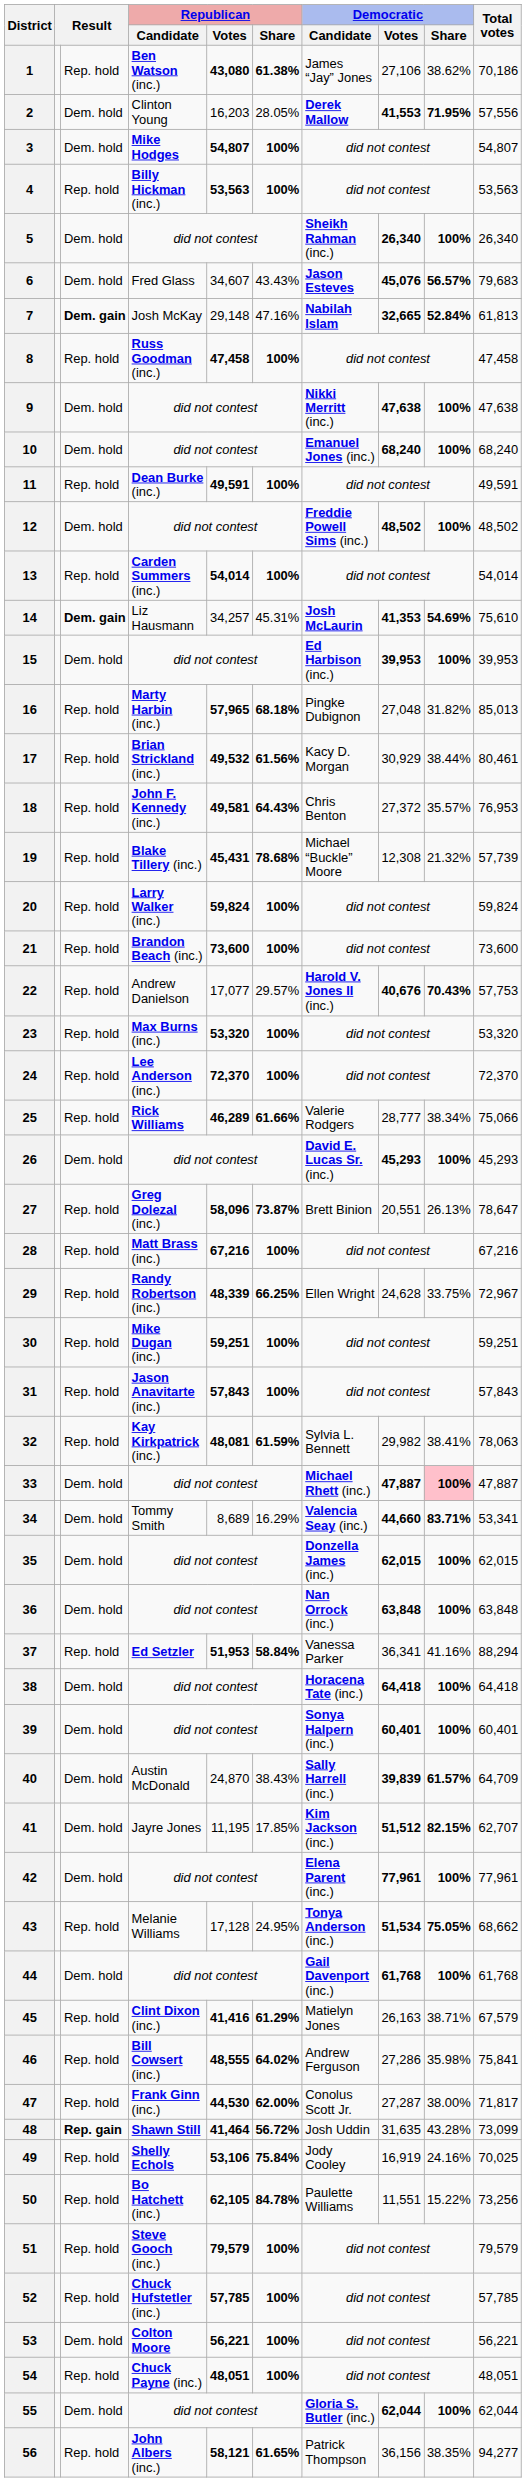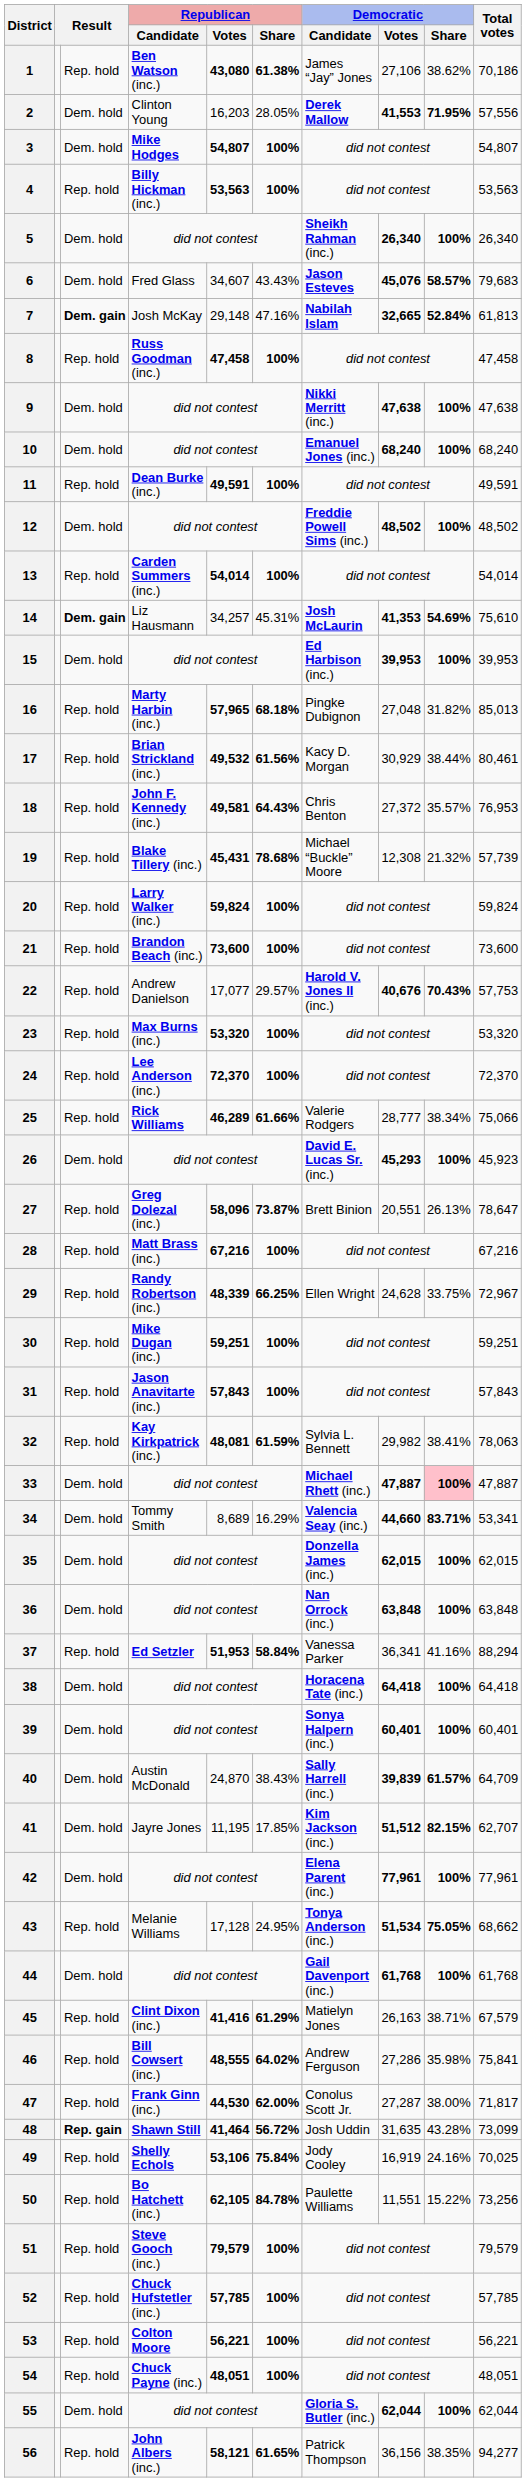 <table class="wikitable sortable sort-under" style="text-align:right; font-size:95%">
 <tr>
 <th rowspan="2" scope="col" style="text-align:left;">District</th>
 <th rowspan="2" colspan="2" scope="col">Result</th>
 <th colspan="3" style="background:#eeaaaa;"><a href='#'>Republican</a></th>
 <th colspan="3" style="background:#aabbee;"><a href='#'>Democratic</a></th>
 <th rowspan="2" scope="col">Total votes</th>
 </tr>
 <tr>
 <th>Candidate</th>
 <th>Votes</th>
 <th>Share</th>
 <th>Candidate</th>
 <th>Votes</th>
 <th>Share</th>
 </tr>
 <tr>
 <th>1</th>
 <td style="background:"></td>
 <td style="text-align:left;">Rep. hold</td>
 <td style="text-align:left;"><strong><a href='#'>Ben Watson</a></strong> (inc.)</td>
 <td><strong>43,080</strong></td>
 <td><strong>61.38%</strong></td>
 <td style="text-align:left;">James “Jay” Jones</td>
 <td>27,106</td>
 <td>38.62%</td>
 <td>70,186</td>
 </tr>
 <tr>
 <th>2</th>
 <td style="background:"></td>
 <td style="text-align:left;">Dem. hold</td>
 <td style="text-align:left;">Clinton Young</td>
 <td>16,203</td>
 <td>28.05%</td>
 <td style="text-align:left;"><strong><a href='#'>Derek Mallow</a></strong></td>
 <td><strong>41,553</strong></td>
 <td><strong>71.95%</strong></td>
 <td>57,556</td>
 </tr>
 <tr>
 <th>3</th>
 <td style="background:"></td>
 <td style="text-align:left;">Dem. hold</td>
 <td style="text-align:left;"><strong><a href='#'>Mike Hodges</a></strong></td>
 <td><strong>54,807</strong></td>
 <td><strong>100%</strong></td>
 <td style="text-align:center;" colspan=3><em>did not contest</em></td>
 <td>54,807</td>
 </tr>
 <tr>
 <th>4</th>
 <td style="background:"></td>
 <td style="text-align:left;">Rep. hold</td>
 <td style="text-align:left;"><strong><a href='#'>Billy Hickman</a></strong> (inc.)</td>
 <td><strong>53,563</strong></td>
 <td><strong>100%</strong></td>
 <td style="text-align:center;" colspan=3><em>did not contest</em></td>
 <td>53,563</td>
 </tr>
 <tr>
 <th>5</th>
 <td style="background:"></td>
 <td style="text-align:left;">Dem. hold</td>
 <td style="text-align:center;" colspan=3><em>did not contest</em></td>
 <td style="text-align:left;"><strong><a href='#'>Sheikh Rahman</a></strong> (inc.)</td>
 <td><strong>26,340</strong></td>
 <td><strong>100%</strong></td>
 <td>26,340</td>
 </tr>
 <tr>
 <th>6</th>
 <td style="background:"></td>
 <td style="text-align:left;">Dem. hold</td>
 <td style="text-align:left;">Fred Glass</td>
 <td>34,607</td>
 <td>43.43%</td>
 <td style="text-align:left;"><strong><a href='#'>Jason Esteves</a></strong></td>
 <td><strong>45,076</strong></td>
-<td><strong>56.57%</strong></td>
+<td><strong>58.57%</strong></td>
 <td>79,683</td>
 </tr>
 <tr>
 <th>7</th>
 <td style="background:"></td>
 <td style="text-align:left;"><strong>Dem. gain</strong></td>
 <td style="text-align:left;">Josh McKay</td>
 <td>29,148</td>
 <td>47.16%</td>
 <td style="text-align:left;"><strong><a href='#'>Nabilah Islam</a></strong></td>
 <td><strong>32,665</strong></td>
 <td><strong>52.84%</strong></td>
 <td>61,813</td>
 </tr>
 <tr>
 <th>8</th>
 <td style="background:"></td>
 <td style="text-align:left;">Rep. hold</td>
 <td style="text-align:left;"><strong><a href='#'>Russ Goodman</a></strong> (inc.)</td>
 <td><strong>47,458</strong></td>
 <td><strong>100%</strong></td>
 <td style="text-align:center;" colspan=3><em>did not contest</em></td>
 <td>47,458</td>
 </tr>
 <tr>
 <th>9</th>
 <td style="background:"></td>
 <td style="text-align:left;">Dem. hold</td>
 <td style="text-align:center;" colspan=3><em>did not contest</em></td>
 <td style="text-align:left;"><strong><a href='#'>Nikki Merritt</a></strong> (inc.)</td>
 <td><strong>47,638</strong></td>
 <td><strong>100%</strong></td>
 <td>47,638</td>
 </tr>
 <tr>
 <th>10</th>
 <td style="background:"></td>
 <td style="text-align:left;">Dem. hold</td>
 <td style="text-align:center;" colspan=3><em>did not contest</em></td>
 <td style="text-align:left;"><strong><a href='#'>Emanuel Jones</a></strong> (inc.)</td>
 <td><strong>68,240</strong></td>
 <td><strong>100%</strong></td>
 <td>68,240</td>
 </tr>
 <tr>
 <th>11</th>
 <td style="background:"></td>
 <td style="text-align:left;">Rep. hold</td>
 <td style="text-align:left;"><strong><a href='#'>Dean Burke</a></strong> (inc.)</td>
 <td><strong>49,591</strong></td>
 <td><strong>100%</strong></td>
 <td style="text-align:center;" colspan=3><em>did not contest</em></td>
 <td>49,591</td>
 </tr>
 <tr>
 <th>12</th>
 <td style="background:"></td>
 <td style="text-align:left;">Dem. hold</td>
 <td style="text-align:center;" colspan=3><em>did not contest</em></td>
 <td style="text-align:left;"><strong><a href='#'>Freddie Powell Sims</a></strong> (inc.)</td>
 <td><strong>48,502</strong></td>
 <td><strong>100%</strong></td>
 <td>48,502</td>
 </tr>
 <tr>
 <th>13</th>
 <td style="background:"></td>
 <td style="text-align:left;">Rep. hold</td>
 <td style="text-align:left;"><strong><a href='#'>Carden Summers</a></strong> (inc.)</td>
 <td><strong>54,014</strong></td>
 <td><strong>100%</strong></td>
 <td style="text-align:center;" colspan=3><em>did not contest</em></td>
 <td>54,014</td>
 </tr>
 <tr>
 <th>14</th>
 <td style="background:"></td>
 <td style="text-align:left;"><strong>Dem. gain</strong></td>
 <td style="text-align:left;">Liz Hausmann</td>
 <td>34,257</td>
 <td>45.31%</td>
 <td style="text-align:left;"><strong><a href='#'>Josh McLaurin</a></strong></td>
 <td><strong>41,353</strong></td>
 <td><strong>54.69%</strong></td>
 <td>75,610</td>
 </tr>
 <tr>
 <th>15</th>
 <td style="background:"></td>
 <td style="text-align:left;">Dem. hold</td>
 <td style="text-align:center;" colspan=3><em>did not contest</em></td>
 <td style="text-align:left;"><strong><a href='#'>Ed Harbison</a></strong> (inc.)</td>
 <td><strong>39,953</strong></td>
 <td><strong>100%</strong></td>
 <td>39,953</td>
 </tr>
 <tr>
 <th>16</th>
 <td style="background:"></td>
 <td style="text-align:left;">Rep. hold</td>
 <td style="text-align:left;"><strong><a href='#'>Marty Harbin</a></strong> (inc.)</td>
 <td><strong>57,965</strong></td>
 <td><strong>68.18%</strong></td>
 <td style="text-align:left;">Pingke Dubignon</td>
 <td>27,048</td>
 <td>31.82%</td>
 <td>85,013</td>
 </tr>
 <tr>
 <th>17</th>
 <td style="background:"></td>
 <td style="text-align:left;">Rep. hold</td>
 <td style="text-align:left;"><strong><a href='#'>Brian Strickland</a></strong> (inc.)</td>
 <td><strong>49,532</strong></td>
 <td><strong>61.56%</strong></td>
 <td style="text-align:left;">Kacy D. Morgan</td>
 <td>30,929</td>
 <td>38.44%</td>
 <td>80,461</td>
 </tr>
 <tr>
 <th>18</th>
 <td style="background:"></td>
 <td style="text-align:left;">Rep. hold</td>
 <td style="text-align:left;"><strong><a href='#'>John F. Kennedy</a></strong> (inc.)</td>
 <td><strong>49,581</strong></td>
 <td><strong>64.43%</strong></td>
 <td style="text-align:left;">Chris Benton</td>
 <td>27,372</td>
 <td>35.57%</td>
 <td>76,953</td>
 </tr>
 <tr>
 <th>19</th>
 <td style="background:"></td>
 <td style="text-align:left;">Rep. hold</td>
 <td style="text-align:left;"><strong><a href='#'>Blake Tillery</a></strong> (inc.)</td>
 <td><strong>45,431</strong></td>
 <td><strong>78.68%</strong></td>
 <td style="text-align:left;">Michael “Buckle” Moore</td>
 <td>12,308</td>
 <td>21.32%</td>
 <td>57,739</td>
 </tr>
 <tr>
 <th>20</th>
 <td style="background:"></td>
 <td style="text-align:left;">Rep. hold</td>
 <td style="text-align:left;"><strong><a href='#'>Larry Walker</a></strong> (inc.)</td>
 <td><strong>59,824</strong></td>
 <td><strong>100%</strong></td>
 <td style="text-align:center;" colspan=3><em>did not contest</em></td>
 <td>59,824</td>
 </tr>
 <tr>
 <th>21</th>
 <td style="background:"></td>
 <td style="text-align:left;">Rep. hold</td>
 <td style="text-align:left;"><strong><a href='#'>Brandon Beach</a></strong> (inc.)</td>
 <td><strong>73,600</strong></td>
 <td><strong>100%</strong></td>
 <td style="text-align:center;" colspan=3><em>did not contest</em></td>
 <td>73,600</td>
 </tr>
 <tr>
 <th>22</th>
 <td style="background:"></td>
 <td style="text-align:left;">Rep. hold</td>
 <td style="text-align:left;">Andrew Danielson</td>
 <td>17,077</td>
 <td>29.57%</td>
 <td style="text-align:left;"><strong><a href='#'>Harold V. Jones II</a></strong> (inc.)</td>
 <td><strong>40,676</strong></td>
 <td><strong>70.43%</strong></td>
 <td>57,753</td>
 </tr>
 <tr>
 <th>23</th>
 <td style="background:"></td>
 <td style="text-align:left;">Rep. hold</td>
 <td style="text-align:left;"><strong><a href='#'>Max Burns</a></strong> (inc.)</td>
 <td><strong>53,320</strong></td>
 <td><strong>100%</strong></td>
 <td style="text-align:center;" colspan=3><em>did not contest</em></td>
 <td>53,320</td>
 </tr>
 <tr>
 <th>24</th>
 <td style="background:"></td>
 <td style="text-align:left;">Rep. hold</td>
 <td style="text-align:left;"><strong><a href='#'>Lee Anderson</a></strong> (inc.)</td>
 <td><strong>72,370</strong></td>
 <td><strong>100%</strong></td>
 <td style="text-align:center;" colspan=3><em>did not contest</em></td>
 <td>72,370</td>
 </tr>
 <tr>
 <th>25</th>
 <td style="background:"></td>
 <td style="text-align:left;">Rep. hold</td>
 <td style="text-align:left;"><strong><a href='#'>Rick Williams</a></strong></td>
 <td><strong>46,289</strong></td>
 <td><strong>61.66%</strong></td>
 <td style="text-align:left;">Valerie Rodgers</td>
 <td>28,777</td>
 <td>38.34%</td>
 <td>75,066</td>
 </tr>
 <tr>
 <th>26</th>
 <td style="background:"></td>
 <td style="text-align:left;">Dem. hold</td>
 <td style="text-align:center;" colspan=3><em>did not contest</em></td>
 <td style="text-align:left;"><strong><a href='#'>David E. Lucas Sr.</a></strong> (inc.)</td>
 <td><strong>45,293</strong></td>
 <td><strong>100%</strong></td>
-<td>45,293</td>
+<td>45,923</td>
 </tr>
 <tr>
 <th>27</th>
 <td style="background:"></td>
 <td style="text-align:left;">Rep. hold</td>
 <td style="text-align:left;"><strong><a href='#'>Greg Dolezal</a></strong> (inc.)</td>
 <td><strong>58,096</strong></td>
 <td><strong>73.87%</strong></td>
 <td style="text-align:left;">Brett Binion</td>
 <td>20,551</td>
 <td>26.13%</td>
 <td>78,647</td>
 </tr>
 <tr>
 <th>28</th>
 <td style="background:"></td>
 <td style="text-align:left;">Rep. hold</td>
 <td style="text-align:left;"><strong><a href='#'>Matt Brass</a></strong> (inc.)</td>
 <td><strong>67,216</strong></td>
 <td><strong>100%</strong></td>
 <td style="text-align:center;" colspan=3><em>did not contest</em></td>
 <td>67,216</td>
 </tr>
 <tr>
 <th>29</th>
 <td style="background:"></td>
 <td style="text-align:left;">Rep. hold</td>
 <td style="text-align:left;"><strong><a href='#'>Randy Robertson</a></strong> (inc.)</td>
 <td><strong>48,339</strong></td>
 <td><strong>66.25%</strong></td>
 <td style="text-align:left;">Ellen Wright</td>
 <td>24,628</td>
 <td>33.75%</td>
 <td>72,967</td>
 </tr>
 <tr>
 <th>30</th>
 <td style="background:"></td>
 <td style="text-align:left;">Rep. hold</td>
 <td style="text-align:left;"><strong><a href='#'>Mike Dugan</a></strong> (inc.)</td>
 <td><strong>59,251</strong></td>
 <td><strong>100%</strong></td>
 <td style="text-align:center;" colspan=3><em>did not contest</em></td>
 <td>59,251</td>
 </tr>
 <tr>
 <th>31</th>
 <td style="background:"></td>
 <td style="text-align:left;">Rep. hold</td>
 <td style="text-align:left;"><strong><a href='#'>Jason Anavitarte</a></strong> (inc.)</td>
 <td><strong>57,843</strong></td>
 <td><strong>100%</strong></td>
 <td style="text-align:center;" colspan=3><em>did not contest</em></td>
 <td>57,843</td>
 </tr>
 <tr>
 <th>32</th>
 <td style="background:"></td>
 <td style="text-align:left;">Rep. hold</td>
 <td style="text-align:left;"><strong><a href='#'>Kay Kirkpatrick</a></strong> (inc.)</td>
 <td><strong>48,081</strong></td>
 <td><strong>61.59%</strong></td>
 <td style="text-align:left;">Sylvia L. Bennett</td>
 <td>29,982</td>
 <td>38.41%</td>
 <td>78,063</td>
 </tr>
 <tr>
 <th>33</th>
 <td style="background:"></td>
 <td style="text-align:left;">Dem. hold</td>
 <td style="text-align:center;" colspan=3><em>did not contest</em></td>
 <td style="text-align:left;"><strong><a href='#'>Michael Rhett</a></strong> (inc.)</td>
 <td><strong>47,887</strong></td>
 <td style="background: pink;"><strong>100%</strong></td>
 <td>47,887</td>
 </tr>
 <tr>
 <th>34</th>
 <td style="background:"></td>
 <td style="text-align:left;">Dem. hold</td>
 <td style="text-align:left;">Tommy Smith</td>
 <td>8,689</td>
 <td>16.29%</td>
 <td style="text-align:left;"><strong><a href='#'>Valencia Seay</a></strong> (inc.)</td>
 <td><strong>44,660</strong></td>
 <td><strong>83.71%</strong></td>
 <td>53,341</td>
 </tr>
 <tr>
 <th>35</th>
 <td style="background:"></td>
 <td style="text-align:left;">Dem. hold</td>
 <td style="text-align:center;" colspan=3><em>did not contest</em></td>
 <td style="text-align:left;"><strong><a href='#'>Donzella James</a></strong> (inc.)</td>
 <td><strong>62,015</strong></td>
 <td><strong>100%</strong></td>
 <td>62,015</td>
 </tr>
 <tr>
 <th>36</th>
 <td style="background:"></td>
 <td style="text-align:left;">Dem. hold</td>
 <td style="text-align:center;" colspan=3><em>did not contest</em></td>
 <td style="text-align:left;"><strong><a href='#'>Nan Orrock</a></strong> (inc.)</td>
 <td><strong>63,848</strong></td>
 <td><strong>100%</strong></td>
 <td>63,848</td>
 </tr>
 <tr>
 <th>37</th>
 <td style="background:"></td>
 <td style="text-align:left;">Rep. hold</td>
 <td style="text-align:left;"><strong><a href='#'>Ed Setzler</a></strong></td>
 <td><strong>51,953</strong></td>
 <td><strong>58.84%</strong></td>
 <td style="text-align:left;">Vanessa Parker</td>
 <td>36,341</td>
 <td>41.16%</td>
 <td>88,294</td>
 </tr>
 <tr>
 <th>38</th>
 <td style="background:"></td>
 <td style="text-align:left;">Dem. hold</td>
 <td style="text-align:center;" colspan=3><em>did not contest</em></td>
 <td style="text-align:left;"><strong><a href='#'>Horacena Tate</a></strong> (inc.)</td>
 <td><strong>64,418</strong></td>
 <td><strong>100%</strong></td>
 <td>64,418</td>
 </tr>
 <tr>
 <th>39</th>
 <td style="background:"></td>
 <td style="text-align:left;">Dem. hold</td>
 <td style="text-align:center;" colspan=3><em>did not contest</em></td>
 <td style="text-align:left;"><strong><a href='#'>Sonya Halpern</a></strong> (inc.)</td>
 <td><strong>60,401</strong></td>
 <td><strong>100%</strong></td>
 <td>60,401</td>
 </tr>
 <tr>
 <th>40</th>
 <td style="background:"></td>
 <td style="text-align:left;">Dem. hold</td>
 <td style="text-align:left;">Austin McDonald</td>
 <td>24,870</td>
 <td>38.43%</td>
 <td style="text-align:left;"><strong><a href='#'>Sally Harrell</a></strong> (inc.)</td>
 <td><strong>39,839</strong></td>
 <td><strong>61.57%</strong></td>
 <td>64,709</td>
 </tr>
 <tr>
 <th>41</th>
 <td style="background:"></td>
 <td style="text-align:left;">Dem. hold</td>
 <td style="text-align:left;">Jayre Jones</td>
 <td>11,195</td>
 <td>17.85%</td>
 <td style="text-align:left;"><strong><a href='#'>Kim Jackson</a></strong> (inc.)</td>
 <td><strong>51,512</strong></td>
 <td><strong>82.15%</strong></td>
 <td>62,707</td>
 </tr>
 <tr>
 <th>42</th>
 <td style="background:"></td>
 <td style="text-align:left;">Dem. hold</td>
 <td style="text-align:center;" colspan=3><em>did not contest</em></td>
 <td style="text-align:left;"><strong><a href='#'>Elena Parent</a></strong> (inc.)</td>
 <td><strong>77,961</strong></td>
 <td><strong>100%</strong></td>
 <td>77,961</td>
 </tr>
 <tr>
 <th>43</th>
 <td style="background:"></td>
 <td style="text-align:left;">Rep. hold</td>
 <td style="text-align:left;">Melanie Williams</td>
 <td>17,128</td>
 <td>24.95%</td>
 <td style="text-align:left;"><strong><a href='#'>Tonya Anderson</a></strong> (inc.)</td>
 <td><strong>51,534</strong></td>
 <td><strong>75.05%</strong></td>
 <td>68,662</td>
 </tr>
 <tr>
 <th>44</th>
 <td style="background:"></td>
 <td style="text-align:left;">Dem. hold</td>
 <td style="text-align:center;" colspan=3><em>did not contest</em></td>
 <td style="text-align:left;"><strong><a href='#'>Gail Davenport</a></strong> (inc.)</td>
 <td><strong>61,768</strong></td>
 <td><strong>100%</strong></td>
 <td>61,768</td>
 </tr>
 <tr>
 <th>45</th>
 <td style="background:"></td>
 <td style="text-align:left;">Rep. hold</td>
 <td style="text-align:left;"><strong><a href='#'>Clint Dixon</a></strong> (inc.)</td>
 <td><strong>41,416</strong></td>
 <td><strong>61.29%</strong></td>
 <td style="text-align:left;">Matielyn Jones</td>
 <td>26,163</td>
 <td>38.71%</td>
 <td>67,579</td>
 </tr>
 <tr>
 <th>46</th>
 <td style="background:"></td>
 <td style="text-align:left;">Rep. hold</td>
 <td style="text-align:left;"><strong><a href='#'>Bill Cowsert</a></strong> (inc.)</td>
 <td><strong>48,555</strong></td>
 <td><strong>64.02%</strong></td>
 <td style="text-align:left;">Andrew Ferguson</td>
 <td>27,286</td>
 <td>35.98%</td>
 <td>75,841</td>
 </tr>
 <tr>
 <th>47</th>
 <td style="background:"></td>
 <td style="text-align:left;">Rep. hold</td>
 <td style="text-align:left;"><strong><a href='#'>Frank Ginn</a></strong> (inc.)</td>
 <td><strong>44,530</strong></td>
 <td><strong>62.00%</strong></td>
 <td style="text-align:left;">Conolus Scott Jr.</td>
 <td>27,287</td>
 <td>38.00%</td>
 <td>71,817</td>
 </tr>
 <tr>
 <th>48</th>
 <td style="background:"></td>
 <td style="text-align:left;"><strong>Rep. gain</strong></td>
 <td style="text-align:left;"><strong><a href='#'>Shawn Still</a></strong></td>
 <td><strong>41,464</strong></td>
 <td><strong>56.72%</strong></td>
 <td style="text-align:left;">Josh Uddin</td>
 <td>31,635</td>
 <td>43.28%</td>
 <td>73,099</td>
 </tr>
 <tr>
 <th>49</th>
 <td style="background:"></td>
 <td style="text-align:left;">Rep. hold</td>
 <td style="text-align:left;"><strong><a href='#'>Shelly Echols</a></strong></td>
 <td><strong>53,106</strong></td>
 <td><strong>75.84%</strong></td>
 <td style="text-align:left;">Jody Cooley</td>
 <td>16,919</td>
 <td>24.16%</td>
 <td>70,025</td>
 </tr>
 <tr>
 <th>50</th>
 <td style="background:"></td>
 <td style="text-align:left;">Rep. hold</td>
 <td style="text-align:left;"><strong><a href='#'>Bo Hatchett</a></strong> (inc.)</td>
 <td><strong>62,105</strong></td>
 <td><strong>84.78%</strong></td>
 <td style="text-align:left;">Paulette Williams</td>
 <td>11,551</td>
 <td>15.22%</td>
 <td>73,256</td>
 </tr>
 <tr>
 <th>51</th>
 <td style="background:"></td>
 <td style="text-align:left;">Rep. hold</td>
 <td style="text-align:left;"><strong><a href='#'>Steve Gooch</a></strong> (inc.)</td>
 <td><strong>79,579</strong></td>
 <td><strong>100%</strong></td>
 <td style="text-align:center;" colspan=3><em>did not contest</em></td>
 <td>79,579</td>
 </tr>
 <tr>
 <th>52</th>
 <td style="background:"></td>
 <td style="text-align:left;">Rep. hold</td>
 <td style="text-align:left;"><strong><a href='#'>Chuck Hufstetler</a></strong> (inc.)</td>
 <td><strong>57,785</strong></td>
 <td><strong>100%</strong></td>
 <td style="text-align:center;" colspan=3><em>did not contest</em></td>
 <td>57,785</td>
 </tr>
 <tr>
 <th>53</th>
 <td style="background:"></td>
-<td style="text-align:left;">Dem. hold</td>
+<td style="text-align:left;">Rep. hold</td>
 <td style="text-align:left;"><strong><a href='#'>Colton Moore</a></strong></td>
 <td><strong>56,221</strong></td>
 <td><strong>100%</strong></td>
 <td style="text-align:center;" colspan=3><em>did not contest</em></td>
 <td>56,221</td>
 </tr>
 <tr>
 <th>54</th>
 <td style="background:"></td>
 <td style="text-align:left;">Rep. hold</td>
 <td style="text-align:left;"><strong><a href='#'>Chuck Payne</a></strong> (inc.)</td>
 <td><strong>48,051</strong></td>
 <td><strong>100%</strong></td>
 <td style="text-align:center;" colspan=3><em>did not contest</em></td>
 <td>48,051</td>
 </tr>
 <tr>
 <th>55</th>
 <td style="background:"></td>
 <td style="text-align:left;">Dem. hold</td>
 <td style="text-align:center;" colspan=3><em>did not contest</em></td>
 <td style="text-align:left;"><strong><a href='#'>Gloria S. Butler</a></strong> (inc.)</td>
 <td><strong>62,044</strong></td>
 <td><strong>100%</strong></td>
 <td>62,044</td>
 </tr>
 <tr>
 <th>56</th>
 <td style="background:"></td>
 <td style="text-align:left;">Rep. hold</td>
 <td style="text-align:left;"><strong><a href='#'>John Albers</a></strong> (inc.)</td>
 <td><strong>58,121</strong></td>
 <td><strong>61.65%</strong></td>
 <td style="text-align:left;">Patrick Thompson</td>
 <td>36,156</td>
 <td>38.35%</td>
 <td>94,277</td>
 </tr>
 </table>
